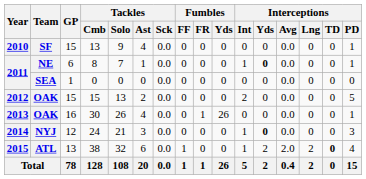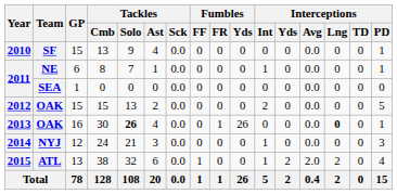 <table class="wikitable" style="text-align: center;">
 <tr>
 <th rowspan="2">Year</th>
 <th rowspan="2">Team</th>
 <th rowspan="2">GP</th>
 <th colspan="4">Tackles</th>
 <th colspan="3">Fumbles</th>
 <th colspan="6">Interceptions</th>
 </tr>
 <tr>
 <th>Cmb</th>
 <th>Solo</th>
 <th>Ast</th>
 <th>Sck</th>
 <th>FF</th>
 <th>FR</th>
 <th>Yds</th>
 <th>Int</th>
 <th>Yds</th>
 <th>Avg</th>
 <th>Lng</th>
 <th>TD</th>
 <th>PD</th>
 </tr>
 <tr>
 <th><a href='#'>2010</a></th>
 <th><a href='#'>SF</a></th>
 <td>15</td>
 <td>13</td>
 <td>9</td>
 <td>4</td>
 <td>0.0</td>
 <td>0</td>
 <td>0</td>
 <td>0</td>
 <td>0</td>
 <td>0</td>
 <td>0.0</td>
 <td>0</td>
 <td>0</td>
 <td>1</td>
 </tr>
 <tr>
 <th rowspan="2"><a href='#'>2011</a></th>
 <th><a href='#'>NE</a></th>
 <td>6</td>
 <td>8</td>
 <td>7</td>
 <td>1</td>
 <td>0.0</td>
 <td>0</td>
 <td>0</td>
 <td>0</td>
 <td>1</td>
-<td><strong>0</strong></td>
+<td>0</td>
 <td>0.0</td>
 <td>0</td>
 <td>0</td>
 <td>1</td>
 </tr>
 <tr>
 <th><a href='#'>SEA</a></th>
 <td>1</td>
 <td>0</td>
 <td>0</td>
 <td>0</td>
 <td>0.0</td>
 <td>0</td>
 <td>0</td>
 <td>0</td>
 <td>0</td>
 <td>0</td>
 <td>0.0</td>
 <td>0</td>
 <td>0</td>
 <td>0</td>
 </tr>
 <tr>
 <th><a href='#'>2012</a></th>
 <th><a href='#'>OAK</a></th>
 <td>15</td>
 <td>15</td>
 <td>13</td>
 <td>2</td>
 <td>0.0</td>
 <td>0</td>
 <td>0</td>
 <td>0</td>
 <td>2</td>
 <td>0</td>
 <td>0.0</td>
 <td>0</td>
 <td>0</td>
 <td>5</td>
 </tr>
 <tr>
 <th><a href='#'>2013</a></th>
 <th><a href='#'>OAK</a></th>
 <td>16</td>
 <td>30</td>
-<td>26</td>
+<td><strong>26</strong></td>
 <td>4</td>
 <td>0.0</td>
 <td>0</td>
 <td>1</td>
 <td>26</td>
 <td>0</td>
 <td>0</td>
 <td>0.0</td>
-<td>0</td>
+<td><strong>0</strong></td>
 <td>0</td>
 <td>1</td>
 </tr>
 <tr>
 <th><a href='#'>2014</a></th>
 <th><a href='#'>NYJ</a></th>
 <td>12</td>
 <td>24</td>
 <td>21</td>
 <td>3</td>
 <td>0.0</td>
 <td>0</td>
 <td>0</td>
 <td>0</td>
 <td>1</td>
-<td><strong>0</strong></td>
+<td>0</td>
 <td>0.0</td>
 <td>0</td>
 <td>0</td>
 <td>3</td>
 </tr>
 <tr>
 <th><a href='#'>2015</a></th>
 <th><a href='#'>ATL</a></th>
 <td>13</td>
 <td>38</td>
 <td>32</td>
 <td>6</td>
 <td>0.0</td>
 <td>1</td>
 <td>0</td>
 <td>0</td>
 <td>1</td>
 <td>2</td>
 <td>2.0</td>
 <td>2</td>
-<td><strong>0</strong></td>
+<td>0</td>
 <td>4</td>
 </tr>
 <tr>
 <th colspan="2">Total</th>
 <th>78</th>
 <th>128</th>
 <th>108</th>
 <th>20</th>
 <th>0.0</th>
 <th>1</th>
 <th>1</th>
 <th>26</th>
 <th>5</th>
 <th>2</th>
 <th>0.4</th>
 <th>2</th>
 <th>0</th>
 <th>15</th>
 </tr>
 </table>
